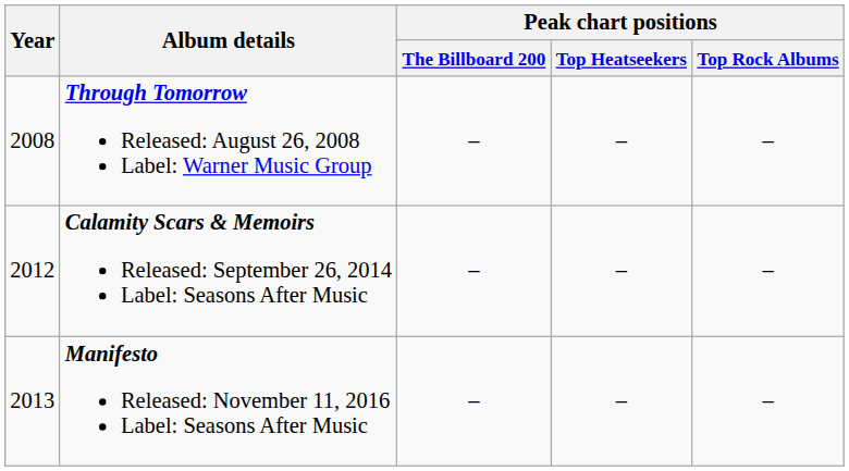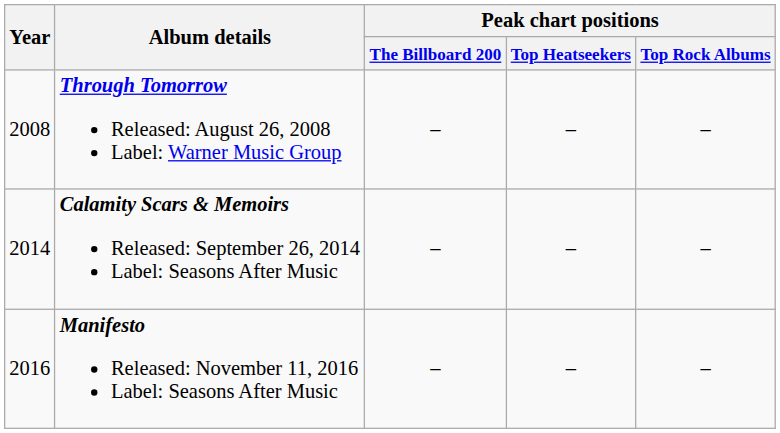 <table class="wikitable">
 <tr>
 <th rowspan=2>Year</th>
 <th rowspan=2>Album details</th>
 <th colspan=3>Peak chart positions</th>
 </tr>
 <tr>
 <th style="width:em"><small><a href='#'>The Billboard 200</a></small></th>
 <th style="width:em"><small><a href='#'>Top Heatseekers</a></small></th>
 <th style="width:em"><small><a href='#'>Top Rock Albums</a></small></th>
 </tr>
 <tr>
 <td>2008</td>
 <td><strong><em><a href='#'>Through Tomorrow</a></em></strong><br><ul><li>Released: August 26, 2008</li><li>Label: <a href='#'>Warner Music Group</a></li></ul></td>
 <td style="text-align:center;">–</td>
 <td style="text-align:center;">–</td>
 <td style="text-align:center;">–</td>
 </tr>
 <tr>
-<td>2012</td>
+<td>2014</td>
 <td><strong><em>Calamity Scars & Memoirs</em></strong><br><ul><li>Released: September 26, 2014</li><li>Label: Seasons After Music</li></ul></td>
 <td style="text-align:center;">–</td>
 <td style="text-align:center;">–</td>
 <td style="text-align:center;">–</td>
 </tr>
 <tr>
-<td>2013</td>
+<td>2016</td>
 <td><strong><em>Manifesto</em></strong><br><ul><li>Released: November 11, 2016</li><li>Label: Seasons After Music</li></ul></td>
 <td style="text-align:center;">–</td>
 <td style="text-align:center;">–</td>
 <td style="text-align:center;">–</td>
 </tr>
 </table>
